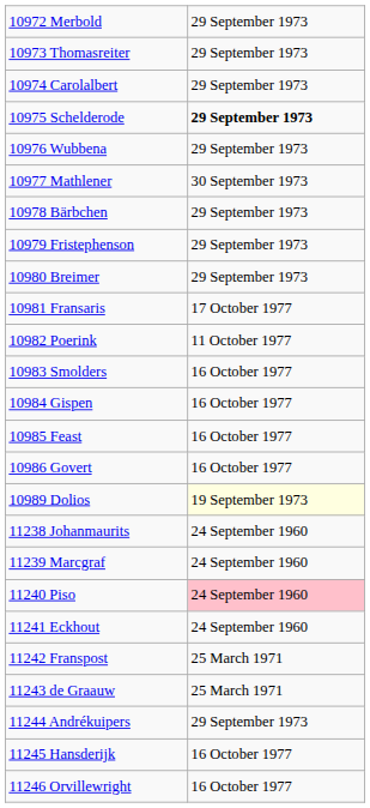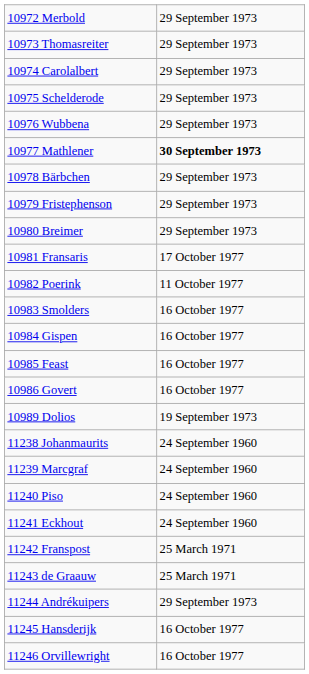 <table class="wikitable" style="font-size: 89%; float: left; width: 24em; margin-right: 1em; line-height: 1.65em">
 <tr>
 <td><a href='#'>10972 Merbold</a></td>
 <td>29 September 1973</td>
 </tr>
 <tr>
 <td><a href='#'>10973 Thomasreiter</a></td>
 <td>29 September 1973</td>
 </tr>
 <tr>
 <td><a href='#'>10974 Carolalbert</a></td>
 <td>29 September 1973</td>
 </tr>
 <tr>
 <td><a href='#'>10975 Schelderode</a></td>
-<td><strong>29 September 1973</strong></td>
+<td>29 September 1973</td>
 </tr>
 <tr>
 <td><a href='#'>10976 Wubbena</a></td>
 <td>29 September 1973</td>
 </tr>
 <tr>
 <td><a href='#'>10977 Mathlener</a></td>
-<td>30 September 1973</td>
+<td><strong>30 September 1973</strong></td>
 </tr>
 <tr>
 <td><a href='#'>10978 Bärbchen</a></td>
 <td>29 September 1973</td>
 </tr>
 <tr>
 <td><a href='#'>10979 Fristephenson</a></td>
 <td>29 September 1973</td>
 </tr>
 <tr>
 <td><a href='#'>10980 Breimer</a></td>
 <td>29 September 1973</td>
 </tr>
 <tr>
 <td><a href='#'>10981 Fransaris</a></td>
 <td>17 October 1977</td>
 </tr>
 <tr>
 <td><a href='#'>10982 Poerink</a></td>
 <td>11 October 1977</td>
 </tr>
 <tr>
 <td><a href='#'>10983 Smolders</a></td>
 <td>16 October 1977</td>
 </tr>
 <tr>
 <td><a href='#'>10984 Gispen</a></td>
 <td>16 October 1977</td>
 </tr>
 <tr>
 <td><a href='#'>10985 Feast</a></td>
 <td>16 October 1977</td>
 </tr>
 <tr>
 <td><a href='#'>10986 Govert</a></td>
 <td>16 October 1977</td>
 </tr>
 <tr>
 <td><a href='#'>10989 Dolios</a></td>
-<td style="background: lightyellow;">19 September 1973</td>
+<td>19 September 1973</td>
 </tr>
 <tr>
 <td><a href='#'>11238 Johanmaurits</a></td>
 <td>24 September 1960</td>
 </tr>
 <tr>
 <td><a href='#'>11239 Marcgraf</a></td>
 <td>24 September 1960</td>
 </tr>
 <tr>
 <td><a href='#'>11240 Piso</a></td>
-<td style="background: pink;">24 September 1960</td>
+<td>24 September 1960</td>
 </tr>
 <tr>
 <td><a href='#'>11241 Eckhout</a></td>
 <td>24 September 1960</td>
 </tr>
 <tr>
 <td><a href='#'>11242 Franspost</a></td>
 <td>25 March 1971</td>
 </tr>
 <tr>
 <td><a href='#'>11243 de Graauw</a></td>
 <td>25 March 1971</td>
 </tr>
 <tr>
 <td><a href='#'>11244 Andrékuipers</a></td>
 <td>29 September 1973</td>
 </tr>
 <tr>
 <td><a href='#'>11245 Hansderijk</a></td>
 <td>16 October 1977</td>
 </tr>
 <tr>
 <td><a href='#'>11246 Orvillewright</a></td>
 <td>16 October 1977</td>
 </tr>
 </table>
